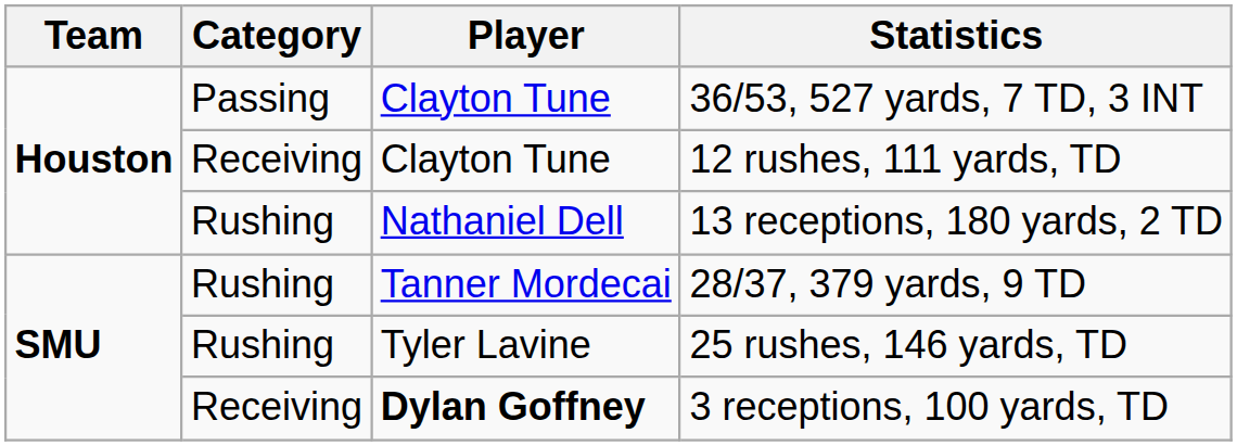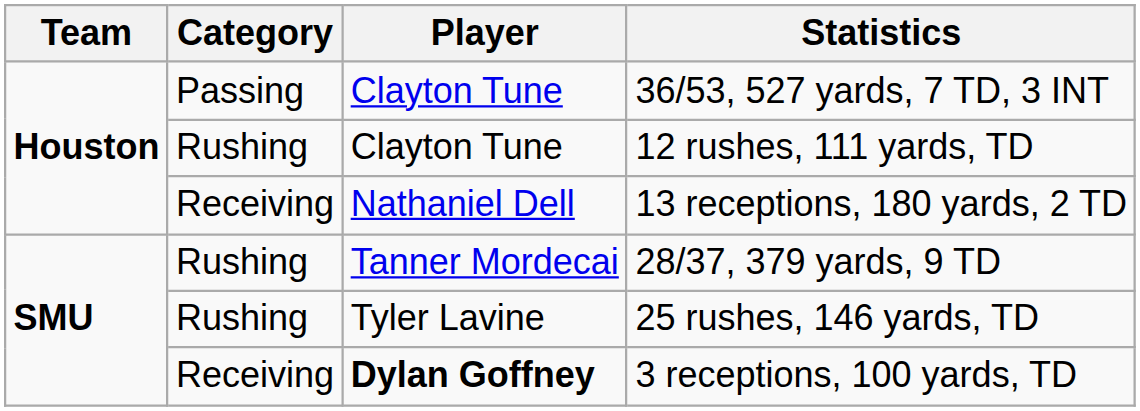 <table class="wikitable">
 <tr>
 <th>Team</th>
 <th>Category</th>
 <th>Player</th>
 <th>Statistics</th>
 </tr>
 <tr>
 <td rowspan=3><strong>Houston</strong></td>
 <td>Passing</td>
 <td><a href='#'>Clayton Tune</a></td>
 <td>36/53, 527 yards, 7 TD, 3 INT</td>
 </tr>
 <tr>
-<td>Receiving</td>
+<td>Rushing</td>
 <td>Clayton Tune</td>
 <td>12 rushes, 111 yards, TD</td>
 </tr>
 <tr>
-<td>Rushing</td>
+<td>Receiving</td>
 <td><a href='#'>Nathaniel Dell</a></td>
 <td>13 receptions, 180 yards, 2 TD</td>
 </tr>
 <tr>
 <td rowspan=3><strong>SMU</strong></td>
 <td>Rushing</td>
 <td><a href='#'>Tanner Mordecai</a></td>
 <td>28/37, 379 yards, 9 TD</td>
 </tr>
 <tr>
 <td>Rushing</td>
 <td>Tyler Lavine</td>
 <td>25 rushes, 146 yards, TD</td>
 </tr>
 <tr>
 <td>Receiving</td>
 <td><strong>Dylan Goffney</strong></td>
 <td>3 receptions, 100 yards, TD</td>
 </tr>
 </table>
